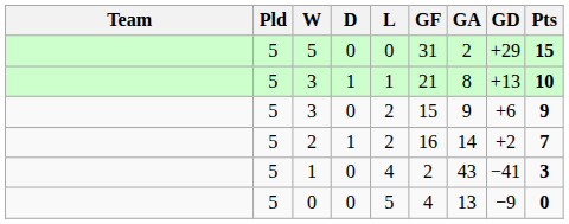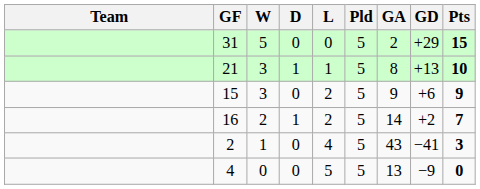 <table class=wikitable style="text-align:center">
 <tr>
 <th width=200>Team</th>
-<th width=25>Pld</th>
+<th width=25>GF</th>
 <th width=25>W</th>
 <th width=25>D</th>
 <th width=25>L</th>
-<th width=25>GF</th>
+<th width=25>Pld</th>
 <th width=25>GA</th>
 <th width=25>GD</th>
 <th width=25>Pts</th>
 </tr>
 <tr bgcolor=ccffcc>
 <td align=left></td>
-<td>5</td>
+<td>31</td>
 <td>5</td>
 <td>0</td>
 <td>0</td>
-<td>31</td>
+<td>5</td>
 <td>2</td>
 <td>+29</td>
 <td><strong>15</strong></td>
 </tr>
 <tr bgcolor=ccffcc>
 <td align=left></td>
-<td>5</td>
+<td>21</td>
 <td>3</td>
 <td>1</td>
 <td>1</td>
-<td>21</td>
+<td>5</td>
 <td>8</td>
 <td>+13</td>
 <td><strong>10</strong></td>
 </tr>
 <tr>
 <td align=left></td>
-<td>5</td>
+<td>15</td>
 <td>3</td>
 <td>0</td>
 <td>2</td>
-<td>15</td>
+<td>5</td>
 <td>9</td>
 <td>+6</td>
 <td><strong>9</strong></td>
 </tr>
 <tr>
 <td align=left></td>
-<td>5</td>
+<td>16</td>
 <td>2</td>
 <td>1</td>
 <td>2</td>
-<td>16</td>
+<td>5</td>
 <td>14</td>
 <td>+2</td>
 <td><strong>7</strong></td>
 </tr>
 <tr>
 <td align=left></td>
-<td>5</td>
+<td>2</td>
 <td>1</td>
 <td>0</td>
 <td>4</td>
-<td>2</td>
+<td>5</td>
 <td>43</td>
 <td>−41</td>
 <td><strong>3</strong></td>
 </tr>
 <tr>
 <td align=left></td>
-<td>5</td>
+<td>4</td>
 <td>0</td>
 <td>0</td>
 <td>5</td>
-<td>4</td>
+<td>5</td>
 <td>13</td>
 <td>−9</td>
 <td><strong>0</strong></td>
 </tr>
 </table>
